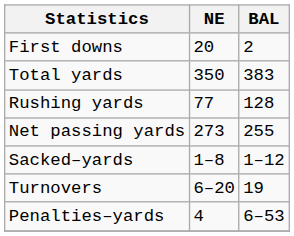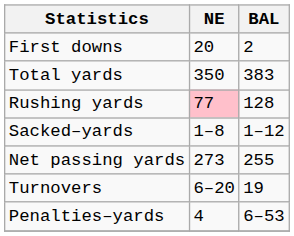 <table class="wikitable" style="float: left;">
 <tr>
 <th>Statistics</th>
 <th>NE</th>
 <th>BAL</th>
 </tr>
 <tr>
 <td>First downs</td>
 <td>20</td>
 <td>2</td>
 </tr>
 <tr>
 <td>Total yards</td>
 <td>350</td>
 <td>383</td>
 </tr>
 <tr>
 <td>Rushing yards</td>
-<td>77</td>
+<td style="background: pink;">77</td>
 <td>128</td>
+</tr>
+<tr>
+<td>Sacked–yards</td>
+<td>1–8</td>
+<td>1–12</td>
 </tr>
 <tr>
 <td>Net passing yards</td>
 <td>273</td>
 <td>255</td>
-</tr>
-<tr>
-<td>Sacked–yards</td>
-<td>1–8</td>
-<td>1–12</td>
 </tr>
 <tr>
 <td>Turnovers</td>
 <td>6–20</td>
 <td>19</td>
 </tr>
 <tr>
 <td>Penalties–yards</td>
 <td>4</td>
 <td>6–53</td>
 </tr>
 <tr>
 </tr>
 </table>
